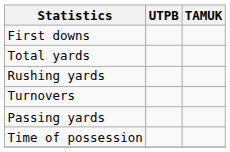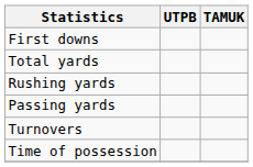 <table class="wikitable" style="float: left;">
 <tr>
 <th>Statistics</th>
 <th>UTPB</th>
 <th>TAMUK</th>
 </tr>
 <tr>
 <td>First downs</td>
 <td></td>
 <td></td>
 </tr>
 <tr>
 <td>Total yards</td>
 <td></td>
 <td></td>
 </tr>
 <tr>
 <td>Rushing yards</td>
 <td></td>
 <td></td>
 </tr>
 <tr>
-<td>Turnovers</td>
+<td>Passing yards</td>
 <td></td>
 <td></td>
 </tr>
 <tr>
-<td>Passing yards</td>
+<td>Turnovers</td>
 <td></td>
 <td></td>
 </tr>
 <tr>
 <td>Time of possession</td>
 <td></td>
 <td></td>
 </tr>
 <tr>
 </tr>
 </table>
